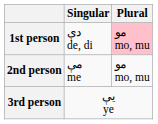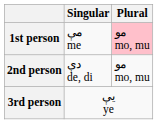 <table class="wikitable">
 <tr>
 <th></th>
 <th>Singular</th>
 <th>Plural</th>
 </tr>
 <tr>
 <th>1st person</th>
-<td>دې<br>de, di</td>
+<td>مې<br>me</td>
 <td style="background: pink;">مو<br>mo, mu</td>
 </tr>
 <tr>
 <th>2nd person</th>
-<td>مې<br>me</td>
+<td>دې<br>de, di</td>
 <td>مو<br>mo, mu</td>
 </tr>
 <tr>
 <th>3rd person</th>
 <td colspan="2" align="center">يې<br>ye</td>
 </tr>
 </table>
